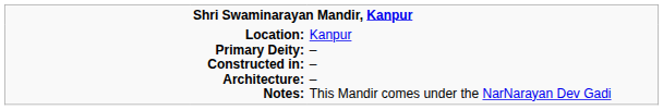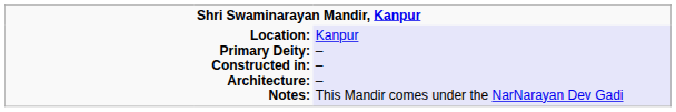 <table class="wikitable plain" border="0" width="800">
 <tr>
 <td width="220px" rowspan="2" style="border:none;"></td>
 <td valign="top" colspan=2 style="border:none;"><strong>Shri Swaminarayan Mandir, <a href='#'>Kanpur</a></strong></td>
 </tr>
 <tr>
 <td valign="top" style="text-align:right; border:none;"><strong>Location:</strong><br><strong>Primary Deity:</strong><br><strong>Constructed in:</strong><br><strong>Architecture:</strong><br><strong>Notes:</strong></td>
-<td valign="top" style="border:none;"><a href='#'>Kanpur</a> <br>– <br>– <br>– <br>This Mandir comes under the <a href='#'>NarNarayan Dev Gadi</a></td>
+<td valign="top" style="background: lavender; border:none;"><a href='#'>Kanpur</a> <br>– <br>– <br>– <br>This Mandir comes under the <a href='#'>NarNarayan Dev Gadi</a></td>
 </tr>
 </table>
